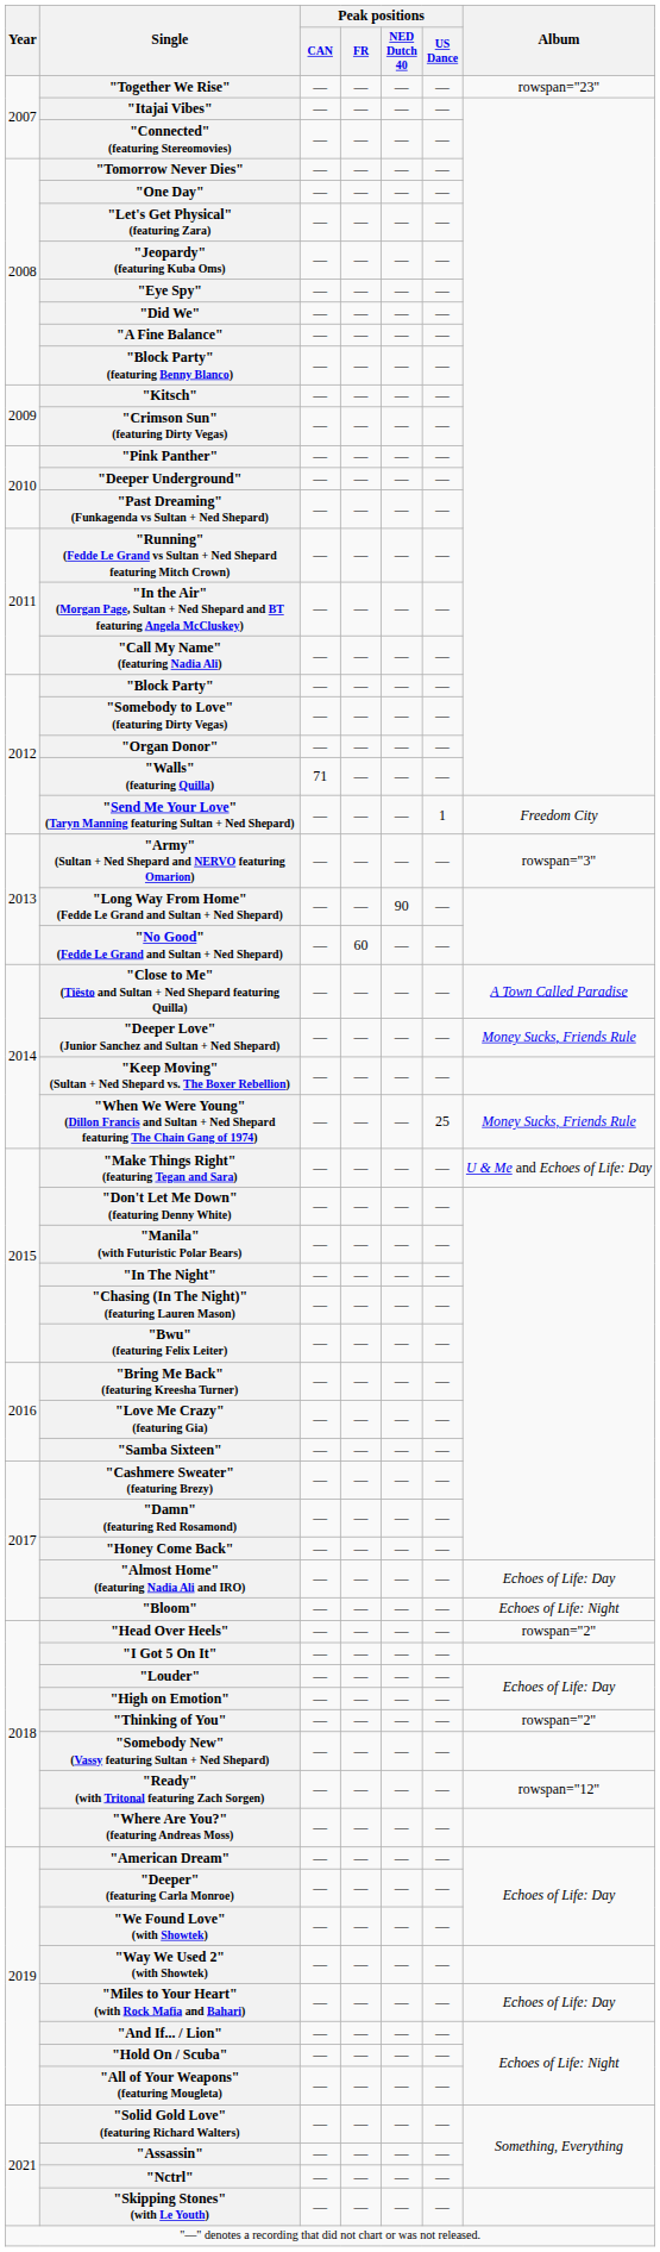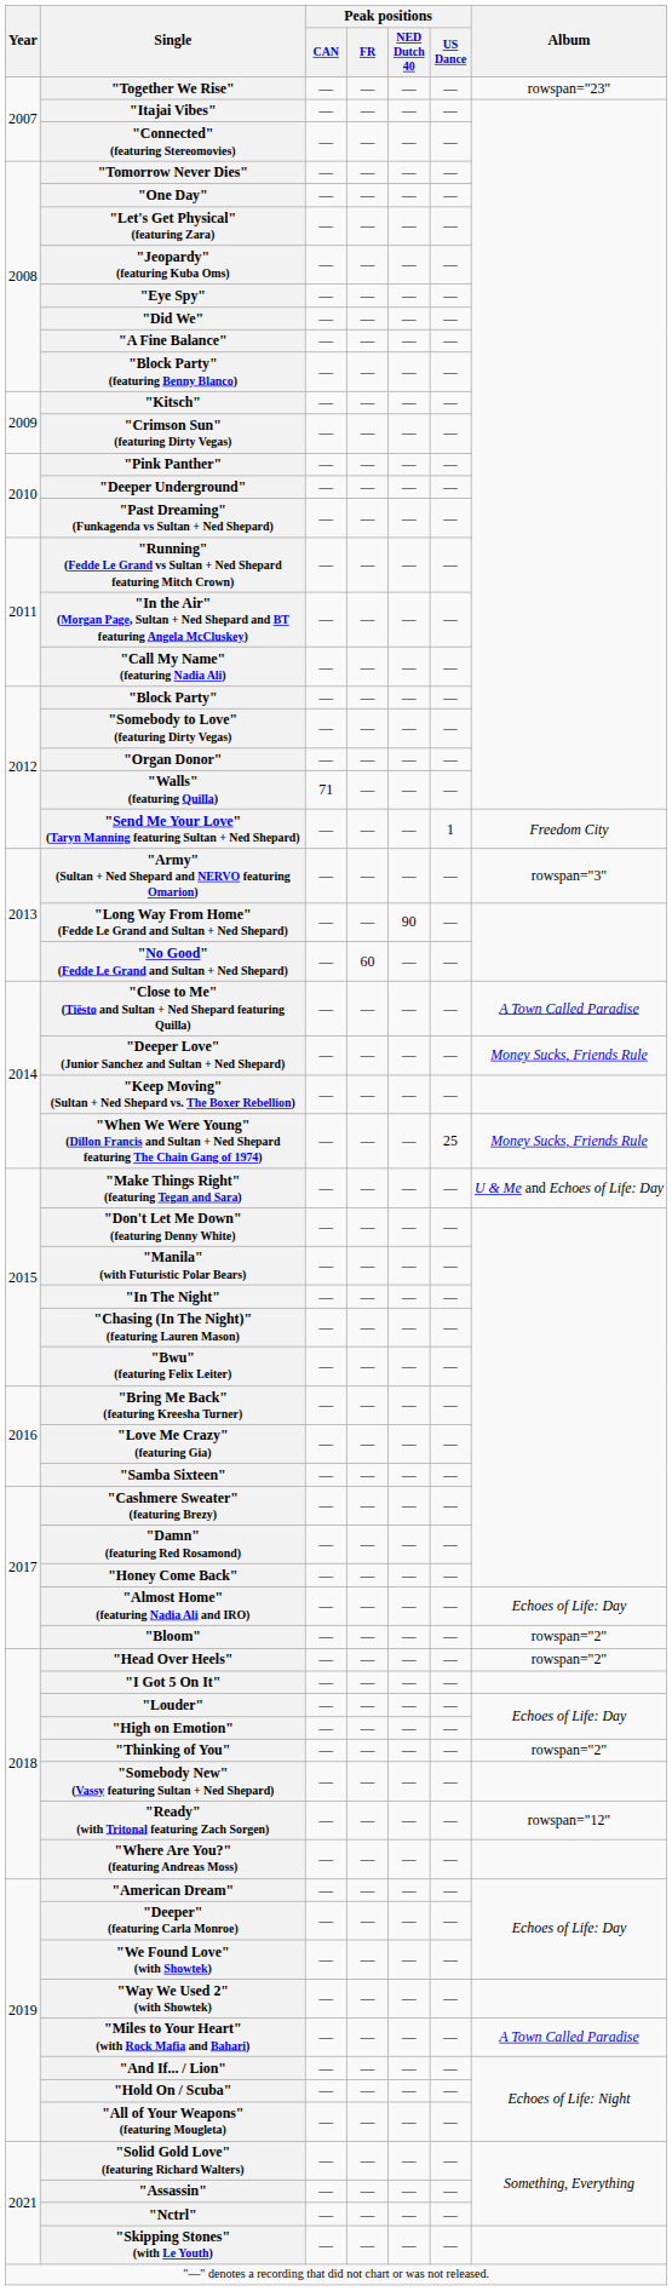 <table class="wikitable plainrowheaders" style="text-align:center;">
 <tr>
 <th rowspan="2">Year</th>
 <th rowspan="2" style="width:18em;">Single</th>
 <th colspan="4">Peak positions</th>
 <th rowspan="2">Album</th>
 </tr>
 <tr style="font-size:smaller;">
 <th width="40"><a href='#'>CAN</a><br></th>
 <th width="40"><a href='#'>FR</a><br></th>
 <th width="40"><a href='#'>NED <br>Dutch<br>40</a><br></th>
 <th width="40"><a href='#'>US <br>Dance</a><br></th>
 </tr>
 <tr>
 <td rowspan="3">2007</td>
 <th scope="row">"Together We Rise"</th>
 <td>—</td>
 <td>—</td>
 <td>—</td>
 <td>—</td>
 <td>rowspan="23" </td>
 </tr>
 <tr>
 <th scope="row">"Itajai Vibes"</th>
 <td>—</td>
 <td>—</td>
 <td>—</td>
 <td>—</td>
 </tr>
 <tr>
 <th scope="row">"Connected" <br><small>(featuring Stereomovies)</small></th>
 <td>—</td>
 <td>—</td>
 <td>—</td>
 <td>—</td>
 </tr>
 <tr>
 <td rowspan="8">2008</td>
 <th scope="row">"Tomorrow Never Dies"</th>
 <td>—</td>
 <td>—</td>
 <td>—</td>
 <td>—</td>
 </tr>
 <tr>
 <th scope="row">"One Day"</th>
 <td>—</td>
 <td>—</td>
 <td>—</td>
 <td>—</td>
 </tr>
 <tr>
 <th scope="row">"Let's Get Physical" <br><small>(featuring Zara)</small></th>
 <td>—</td>
 <td>—</td>
 <td>—</td>
 <td>—</td>
 </tr>
 <tr>
 <th scope="row">"Jeopardy" <br><small>(featuring Kuba Oms)</small></th>
 <td>—</td>
 <td>—</td>
 <td>—</td>
 <td>—</td>
 </tr>
 <tr>
 <th scope="row">"Eye Spy"</th>
 <td>—</td>
 <td>—</td>
 <td>—</td>
 <td>—</td>
 </tr>
 <tr>
 <th scope="row">"Did We"</th>
 <td>—</td>
 <td>—</td>
 <td>—</td>
 <td>—</td>
 </tr>
 <tr>
 <th scope="row">"A Fine Balance"</th>
 <td>—</td>
 <td>—</td>
 <td>—</td>
 <td>—</td>
 </tr>
 <tr>
 <th scope="row">"Block Party" <br><small>(featuring <a href='#'>Benny Blanco</a>)</small></th>
 <td>—</td>
 <td>—</td>
 <td>—</td>
 <td>—</td>
 </tr>
 <tr>
 <td rowspan=2>2009</td>
 <th scope="row">"Kitsch"</th>
 <td>—</td>
 <td>—</td>
 <td>—</td>
 <td>—</td>
 </tr>
 <tr>
 <th scope="row">"Crimson Sun" <br><small>(featuring Dirty Vegas)</small></th>
 <td>—</td>
 <td>—</td>
 <td>—</td>
 <td>—</td>
 </tr>
 <tr>
 <td rowspan=3>2010</td>
 <th scope="row">"Pink Panther"</th>
 <td>—</td>
 <td>—</td>
 <td>—</td>
 <td>—</td>
 </tr>
 <tr>
 <th scope="row">"Deeper Underground"</th>
 <td>—</td>
 <td>—</td>
 <td>—</td>
 <td>—</td>
 </tr>
 <tr>
 <th scope="row">"Past Dreaming"<br><small>(Funkagenda vs Sultan + Ned Shepard)</small></th>
 <td>—</td>
 <td>—</td>
 <td>—</td>
 <td>—</td>
 </tr>
 <tr>
 <td rowspan="3">2011</td>
 <th scope="row">"Running"<br><small>(<a href='#'>Fedde Le Grand</a> vs Sultan + Ned Shepard featuring Mitch Crown)</small></th>
 <td>—</td>
 <td>—</td>
 <td>—</td>
 <td>—</td>
 </tr>
 <tr>
 <th scope="row">"In the Air"<br><small>(<a href='#'>Morgan Page</a>, Sultan + Ned Shepard and <a href='#'>BT</a> featuring <a href='#'>Angela McCluskey</a>)</small></th>
 <td>—</td>
 <td>—</td>
 <td>—</td>
 <td>—</td>
 </tr>
 <tr>
 <th scope="row">"Call My Name" <br><small>(featuring <a href='#'>Nadia Ali</a>)</small></th>
 <td>—</td>
 <td>—</td>
 <td>—</td>
 <td>—</td>
 </tr>
 <tr>
 <td rowspan=5>2012</td>
 <th scope="row">"Block Party"</th>
 <td>—</td>
 <td>—</td>
 <td>—</td>
 <td>—</td>
 </tr>
 <tr>
 <th scope="row">"Somebody to Love" <br><small>(featuring Dirty Vegas)</small></th>
 <td>—</td>
 <td>—</td>
 <td>—</td>
 <td>—</td>
 </tr>
 <tr>
 <th scope="row">"Organ Donor"</th>
 <td>—</td>
 <td>—</td>
 <td>—</td>
 <td>—</td>
 </tr>
 <tr>
 <th scope="row">"Walls" <br><small>(featuring <a href='#'>Quilla</a>)</small></th>
 <td>71</td>
 <td>—</td>
 <td>—</td>
 <td>—</td>
 </tr>
 <tr>
 <th scope="row">"<a href='#'>Send Me Your Love</a>"<br><small>(<a href='#'>Taryn Manning</a> featuring Sultan + Ned Shepard)</small></th>
 <td>—</td>
 <td>—</td>
 <td>—</td>
 <td>1</td>
 <td><em>Freedom City</em></td>
 </tr>
 <tr>
 <td rowspan="3">2013</td>
 <th scope="row">"Army"<br><small>(Sultan + Ned Shepard and <a href='#'>NERVO</a> featuring <a href='#'>Omarion</a>)</small></th>
 <td>—</td>
 <td>—</td>
 <td>—</td>
 <td>—</td>
 <td>rowspan="3" </td>
 </tr>
 <tr>
 <th scope="row">"Long Way From Home"<br><small>(Fedde Le Grand and Sultan + Ned Shepard)</small></th>
 <td>—</td>
 <td>—</td>
 <td>90</td>
 <td>—</td>
 </tr>
 <tr>
 <th scope="row">"<a href='#'>No Good</a>"<br><small>(<a href='#'>Fedde Le Grand</a> and Sultan + Ned Shepard)</small></th>
 <td>—</td>
 <td>60</td>
 <td>—</td>
 <td>—</td>
 </tr>
 <tr>
 <td rowspan="4">2014</td>
 <th scope="row">"Close to Me"<br><small>(<a href='#'>Tiësto</a> and Sultan + Ned Shepard featuring Quilla)</small></th>
 <td>—</td>
 <td>—</td>
 <td>—</td>
 <td>—</td>
 <td><em><a href='#'>A Town Called Paradise</a></em></td>
 </tr>
 <tr>
 <th scope="row">"Deeper Love"<br><small>(Junior Sanchez and Sultan + Ned Shepard)</small></th>
 <td>—</td>
 <td>—</td>
 <td>—</td>
 <td>—</td>
 <td><em><a href='#'>Money Sucks, Friends Rule</a></em></td>
 </tr>
 <tr>
 <th scope="row">"Keep Moving"<br><small>(Sultan + Ned Shepard vs. <a href='#'>The Boxer Rebellion</a>)</small></th>
 <td>—</td>
 <td>—</td>
 <td>—</td>
 <td>—</td>
 </tr>
 <tr>
 <th scope="row">"When We Were Young"<br><small>(<a href='#'>Dillon Francis</a> and Sultan + Ned Shepard featuring <a href='#'>The Chain Gang of 1974</a>)</small></th>
 <td>—</td>
 <td>—</td>
 <td>—</td>
 <td>25</td>
 <td><em><a href='#'>Money Sucks, Friends Rule</a></em></td>
 </tr>
 <tr>
 <td rowspan=6>2015</td>
 <th scope="row">"Make Things Right" <br><small>(featuring <a href='#'>Tegan and Sara</a>) </small></th>
 <td>—</td>
 <td>—</td>
 <td>—</td>
 <td>—</td>
 <td><em><a href='#'>U & Me</a></em> and <em>Echoes of Life: Day</em></td>
 </tr>
 <tr>
 <th scope="row">"Don't Let Me Down" <br><small>(featuring Denny White) </small></th>
 <td>—</td>
 <td>—</td>
 <td>—</td>
 <td>—</td>
 </tr>
 <tr>
 <th scope="row">"Manila" <br><small>(with Futuristic Polar Bears) </small></th>
 <td>—</td>
 <td>—</td>
 <td>—</td>
 <td>—</td>
 </tr>
 <tr>
 <th scope="row">"In The Night"</th>
 <td>—</td>
 <td>—</td>
 <td>—</td>
 <td>—</td>
 </tr>
 <tr>
 <th scope="row">"Chasing (In The Night)" <br><small>(featuring Lauren Mason) </small></th>
 <td>—</td>
 <td>—</td>
 <td>—</td>
 <td>—</td>
 </tr>
 <tr>
 <th scope="row">"Bwu" <br><small>(featuring Felix Leiter) </small></th>
 <td>—</td>
 <td>—</td>
 <td>—</td>
 <td>—</td>
 </tr>
 <tr>
 <td rowspan=3>2016</td>
 <th scope="row">"Bring Me Back" <br><small>(featuring Kreesha Turner) </small></th>
 <td>—</td>
 <td>—</td>
 <td>—</td>
 <td>—</td>
 </tr>
 <tr>
 <th scope="row">"Love Me Crazy" <br><small>(featuring Gia) </small></th>
 <td>—</td>
 <td>—</td>
 <td>—</td>
 <td>—</td>
 </tr>
 <tr>
 <th scope="row">"Samba Sixteen"</th>
 <td>—</td>
 <td>—</td>
 <td>—</td>
 <td>—</td>
 </tr>
 <tr>
 <td rowspan=5>2017</td>
 <th scope="row">"Cashmere Sweater" <br><small>(featuring Brezy) </small></th>
 <td>—</td>
 <td>—</td>
 <td>—</td>
 <td>—</td>
 </tr>
 <tr>
 <th scope="row">"Damn" <br><small>(featuring Red Rosamond) </small></th>
 <td>—</td>
 <td>—</td>
 <td>—</td>
 <td>—</td>
 </tr>
 <tr>
 <th scope="row">"Honey Come Back"</th>
 <td>—</td>
 <td>—</td>
 <td>—</td>
 <td>—</td>
 </tr>
 <tr>
 <th scope="row">"Almost Home" <br><small>(featuring <a href='#'>Nadia Ali</a> and IRO) </small></th>
 <td>—</td>
 <td>—</td>
 <td>—</td>
 <td>—</td>
 <td><em>Echoes of Life: Day</em></td>
 </tr>
 <tr>
 <th scope="row">"Bloom"</th>
 <td>—</td>
 <td>—</td>
 <td>—</td>
 <td>—</td>
-<td><em>Echoes of Life: Night</em></td>
+<td>rowspan="2" </td>
 </tr>
 <tr>
 <td rowspan="8">2018</td>
 <th scope="row">"Head Over Heels"</th>
 <td>—</td>
 <td>—</td>
 <td>—</td>
 <td>—</td>
 <td>rowspan="2" </td>
 </tr>
 <tr>
 <th scope="row">"I Got 5 On It"</th>
 <td>—</td>
 <td>—</td>
 <td>—</td>
 <td>—</td>
 </tr>
 <tr>
 <th scope="row">"Louder"</th>
 <td>—</td>
 <td>—</td>
 <td>—</td>
 <td>—</td>
 <td rowspan="2"><em>Echoes of Life: Day</em></td>
 </tr>
 <tr>
 <th scope="row">"High on Emotion"</th>
 <td>—</td>
 <td>—</td>
 <td>—</td>
 <td>—</td>
 </tr>
 <tr>
 <th scope="row">"Thinking of You"</th>
 <td>—</td>
 <td>—</td>
 <td>—</td>
 <td>—</td>
 <td>rowspan="2" </td>
 </tr>
 <tr>
 <th scope="row">"Somebody New"<br><small>(<a href='#'>Vassy</a> featuring Sultan + Ned Shepard)</small></th>
 <td>—</td>
 <td>—</td>
 <td>—</td>
 <td>—</td>
 </tr>
 <tr>
 <th scope="row">"Ready" <br><small>(with <a href='#'>Tritonal</a> featuring Zach Sorgen)</small></th>
 <td>—</td>
 <td>—</td>
 <td>—</td>
 <td>—</td>
 <td>rowspan="12" </td>
 </tr>
 <tr>
 <th scope="row">"Where Are You?" <br><small>(featuring Andreas Moss)</small></th>
 <td>—</td>
 <td>—</td>
 <td>—</td>
 <td>—</td>
 <td></td>
 </tr>
 <tr>
 <td rowspan="8">2019</td>
 <th scope="row">"American Dream"</th>
 <td>—</td>
 <td>—</td>
 <td>—</td>
 <td>—</td>
 <td rowspan="3"><em>Echoes of Life: Day</em></td>
 </tr>
 <tr>
 <th scope="row">"Deeper" <br><small>(featuring Carla Monroe)</small></th>
 <td>—</td>
 <td>—</td>
 <td>—</td>
 <td>—</td>
 </tr>
 <tr>
 <th scope="row">"We Found Love" <br><small>(with <a href='#'>Showtek</a>)</small></th>
 <td>—</td>
 <td>—</td>
 <td>—</td>
 <td>—</td>
 </tr>
 <tr>
 <th scope="row">"Way We Used 2" <br><small>(with Showtek)</small></th>
 <td>—</td>
 <td>—</td>
 <td>—</td>
 <td>—</td>
 <td></td>
 </tr>
 <tr>
 <th scope="row">"Miles to Your Heart" <br><small>(with <a href='#'>Rock Mafia</a> and <a href='#'>Bahari</a>)</small></th>
 <td>—</td>
 <td>—</td>
 <td>—</td>
 <td>—</td>
-<td><em>Echoes of Life: Day</em></td>
+<td><em><a href='#'>A Town Called Paradise</a></em></td>
 </tr>
 <tr>
 <th scope="row">"And If... / Lion"</th>
 <td>—</td>
 <td>—</td>
 <td>—</td>
 <td>—</td>
 <td rowspan="3"><em>Echoes of Life: Night</em></td>
 </tr>
 <tr>
 <th scope="row">"Hold On / Scuba"</th>
 <td>—</td>
 <td>—</td>
 <td>—</td>
 <td>—</td>
 </tr>
 <tr>
 <th scope="row">"All of Your Weapons" <br><small>(featuring Mougleta)</small></th>
 <td>—</td>
 <td>—</td>
 <td>—</td>
 <td>—</td>
 </tr>
 <tr>
 <td rowspan="4">2021</td>
 <th scope="row">"Solid Gold Love" <br><small>(featuring Richard Walters)</small></th>
 <td>—</td>
 <td>—</td>
 <td>—</td>
 <td>—</td>
 <td rowspan="3"><em>Something, Everything</em></td>
 </tr>
 <tr>
 <th scope="row">"Assassin"</th>
 <td>—</td>
 <td>—</td>
 <td>—</td>
 <td>—</td>
 </tr>
 <tr>
 <th scope="row">"Nctrl"</th>
 <td>—</td>
 <td>—</td>
 <td>—</td>
 <td>—</td>
 </tr>
 <tr>
 <th scope="row">"Skipping Stones" <br><small>(with <a href='#'>Le Youth</a>)</small></th>
 <td>—</td>
 <td>—</td>
 <td>—</td>
 <td>—</td>
 <td></td>
 </tr>
 <tr>
 <td colspan="7" style="font-size:85%">"—" denotes a recording that did not chart or was not released.</td>
 </tr>
 </table>
